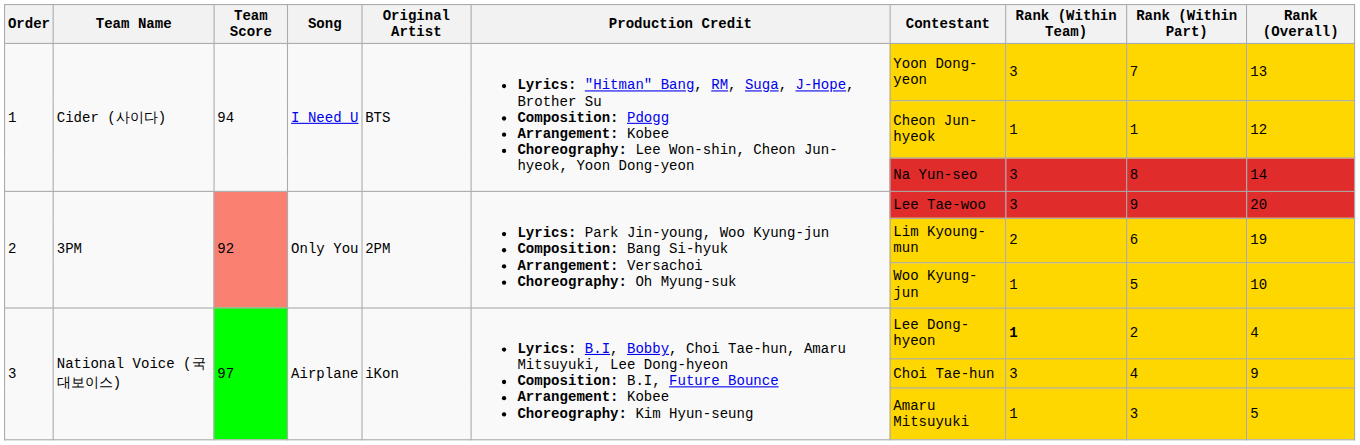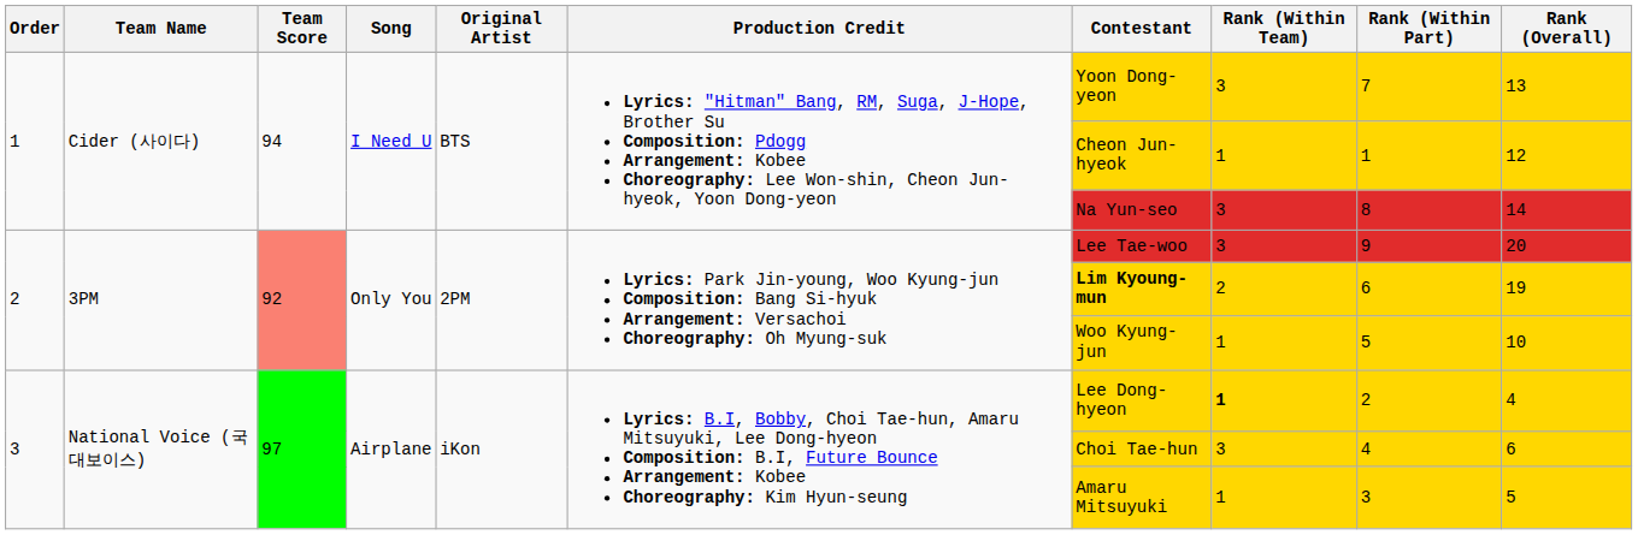 <table class="wikitable">
 <tr>
 <th>Order</th>
 <th>Team Name</th>
 <th>Team Score</th>
 <th>Song</th>
 <th>Original Artist</th>
 <th>Production Credit</th>
 <th>Contestant</th>
 <th>Rank (Within Team)</th>
 <th>Rank (Within Part)</th>
 <th>Rank (Overall)</th>
 </tr>
 <tr>
 <td rowspan="3">1</td>
 <td rowspan="3">Cider (사이다)</td>
 <td rowspan="3">94</td>
 <td rowspan="3"><a href='#'>I Need U</a></td>
 <td rowspan="3">BTS</td>
 <td rowspan="3"><br><ul><li><strong>Lyrics:</strong> <a href='#'>"Hitman" Bang</a>, <a href='#'>RM</a>, <a href='#'>Suga</a>, <a href='#'>J-Hope</a>, Brother Su</li><li><strong>Composition:</strong> <a href='#'>Pdogg</a></li><li><strong>Arrangement:</strong> Kobee</li><li><strong>Choreography:</strong> Lee Won-shin, Cheon Jun-hyeok, Yoon Dong-yeon</li></ul></td>
 <td style="background:#FFD700;">Yoon Dong-yeon</td>
 <td style="background:#FFD700;">3</td>
 <td style="background:#FFD700;">7</td>
 <td style="background:#FFD700;">13</td>
 </tr>
 <tr style="background:#FFD700;">
 <td>Cheon Jun-hyeok</td>
 <td>1</td>
 <td>1</td>
 <td>12</td>
 </tr>
 <tr style="background:#E12C2C;">
 <td>Na Yun-seo</td>
 <td>3</td>
 <td>8</td>
 <td>14</td>
 </tr>
 <tr>
 <td rowspan="3">2</td>
 <td rowspan="3">3PM</td>
 <td rowspan="3" style="background:salmon;">92</td>
 <td rowspan="3">Only You</td>
 <td rowspan="3">2PM</td>
 <td rowspan="3"><br><ul><li><strong>Lyrics:</strong> Park Jin-young, Woo Kyung-jun</li><li><strong>Composition:</strong> Bang Si-hyuk</li><li><strong>Arrangement:</strong> Versachoi</li><li><strong>Choreography:</strong> Oh Myung-suk</li></ul></td>
 <td style="background:#E12C2C;">Lee Tae-woo</td>
 <td style="background:#E12C2C;">3</td>
 <td style="background:#E12C2C;">9</td>
 <td style="background:#E12C2C;">20</td>
 </tr>
 <tr style="background:#FFD700;">
-<td>Lim Kyoung-mun</td>
+<td><strong>Lim Kyoung-mun</strong></td>
 <td>2</td>
 <td>6</td>
 <td>19</td>
 </tr>
 <tr style="background:#FFD700;">
 <td>Woo Kyung-jun</td>
 <td>1</td>
 <td>5</td>
 <td>10</td>
 </tr>
 <tr>
 <td rowspan="3">3</td>
 <td rowspan="3">National Voice (국대보이스)</td>
 <td rowspan="3" style="background:#00FF00">97</td>
 <td rowspan="3">Airplane</td>
 <td rowspan="3">iKon</td>
 <td rowspan="3"><br><ul><li><strong>Lyrics:</strong> <a href='#'>B.I</a>, <a href='#'>Bobby</a>, Choi Tae-hun, Amaru Mitsuyuki, Lee Dong-hyeon</li><li><strong>Composition:</strong> B.I, <a href='#'>Future Bounce</a></li><li><strong>Arrangement:</strong> Kobee</li><li><strong>Choreography:</strong> Kim Hyun-seung</li></ul></td>
 <td style="background:#FFD700;">Lee Dong-hyeon</td>
 <td style="background:#FFD700;"><strong>1</strong></td>
 <td style="background:#FFD700;">2</td>
 <td style="background:#FFD700;">4</td>
 </tr>
 <tr style="background:#FFD700;">
 <td>Choi Tae-hun</td>
 <td>3</td>
 <td>4</td>
-<td>9</td>
+<td>6</td>
 </tr>
 <tr style="background:#FFD700;">
 <td>Amaru Mitsuyuki</td>
 <td>1</td>
 <td>3</td>
 <td>5</td>
 </tr>
 </table>
